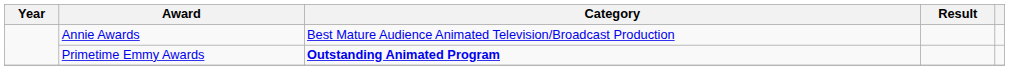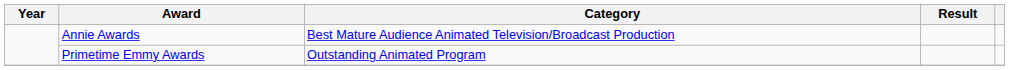 <table class="wikitable sortable" style="width:99%;">
 <tr>
 <th>Year</th>
 <th>Award</th>
 <th>Category</th>
 <th>Result</th>
 <th class=unsortable></th>
 </tr>
 <tr>
 <td rowspan="2"></td>
 <td><a href='#'>Annie Awards</a></td>
 <td><a href='#'>Best Mature Audience Animated Television/Broadcast Production</a></td>
 <td></td>
 <td align="center"></td>
 </tr>
 <tr>
 <td><a href='#'>Primetime Emmy Awards</a></td>
-<td><strong><a href='#'>Outstanding Animated Program</a></strong></td>
+<td><a href='#'>Outstanding Animated Program</a></td>
 <td></td>
 <td align="center"></td>
 </tr>
 <tr>
 </tr>
 </table>
